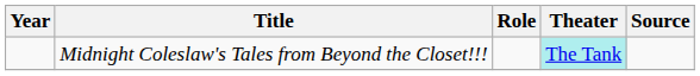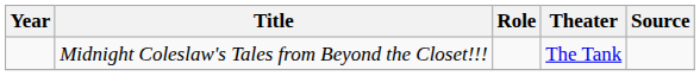 <table class="wikitable sortable plainrowheaders">
 <tr>
 <th>Year</th>
 <th>Title</th>
 <th>Role</th>
 <th class="unsortable">Theater</th>
 <th class="unsortable">Source</th>
 </tr>
 <tr>
 <td></td>
 <td><em>Midnight Coleslaw's Tales from Beyond the Closet!!!</em></td>
 <td></td>
-<td style="background: paleturquoise;"><a href='#'>The Tank</a></td>
+<td><a href='#'>The Tank</a></td>
 <td></td>
 </tr>
 <tr>
 </tr>
 </table>
